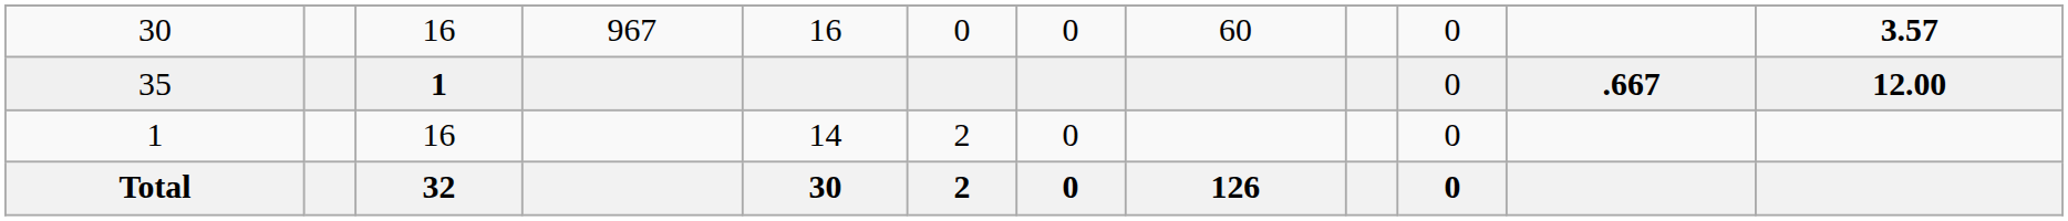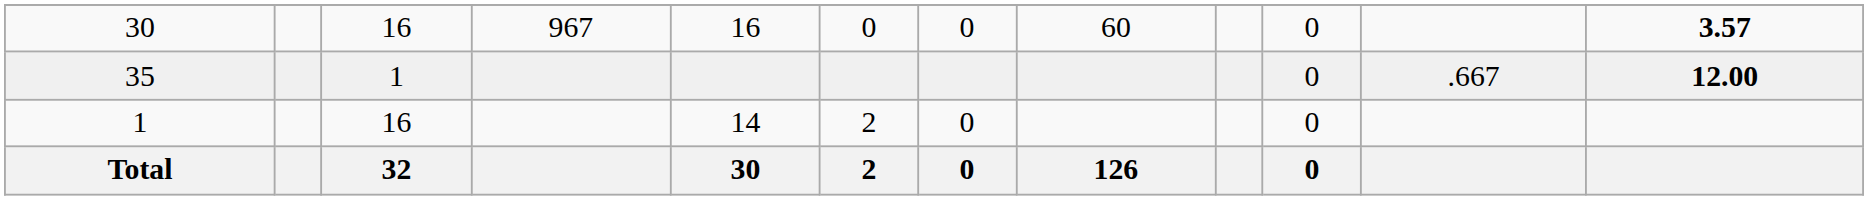 <table class="wikitable sortable" width ="1000">
 <tr align="center">
 </tr>
 <tr align="center">
 <td>30</td>
 <td></td>
 <td>16</td>
 <td>967</td>
 <td>16</td>
 <td>0</td>
 <td>0</td>
 <td>60</td>
 <td></td>
 <td>0</td>
 <td></td>
 <td><strong>3.57</strong></td>
 </tr>
 <tr align="center" bgcolor="#f0f0f0">
 <td>35</td>
 <td></td>
-<td><strong>1</strong></td>
+<td>1</td>
 <td></td>
 <td></td>
 <td></td>
 <td></td>
 <td></td>
 <td></td>
 <td>0</td>
-<td><strong>.667</strong></td>
+<td>.667</td>
 <td><strong>12.00</strong></td>
 </tr>
 <tr align="center">
 <td>1</td>
 <td></td>
 <td>16</td>
 <td></td>
 <td>14</td>
 <td>2</td>
 <td>0</td>
 <td></td>
 <td></td>
 <td>0</td>
 <td></td>
 <td></td>
 </tr>
 <tr>
 <th>Total</th>
 <th></th>
 <th>32</th>
 <th></th>
 <th>30</th>
 <th>2</th>
 <th>0</th>
 <th>126</th>
 <th></th>
 <th>0</th>
 <th></th>
 <th></th>
 </tr>
 </table>
